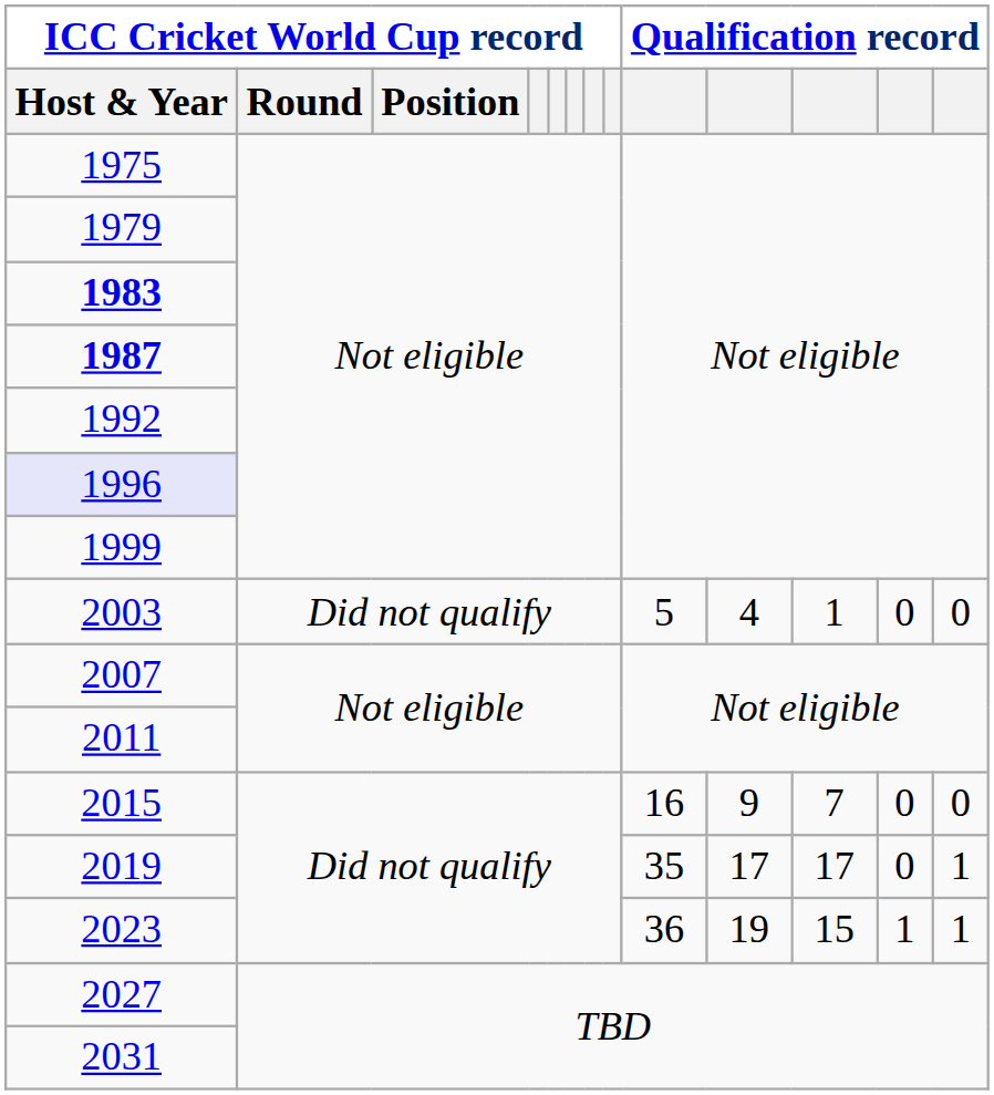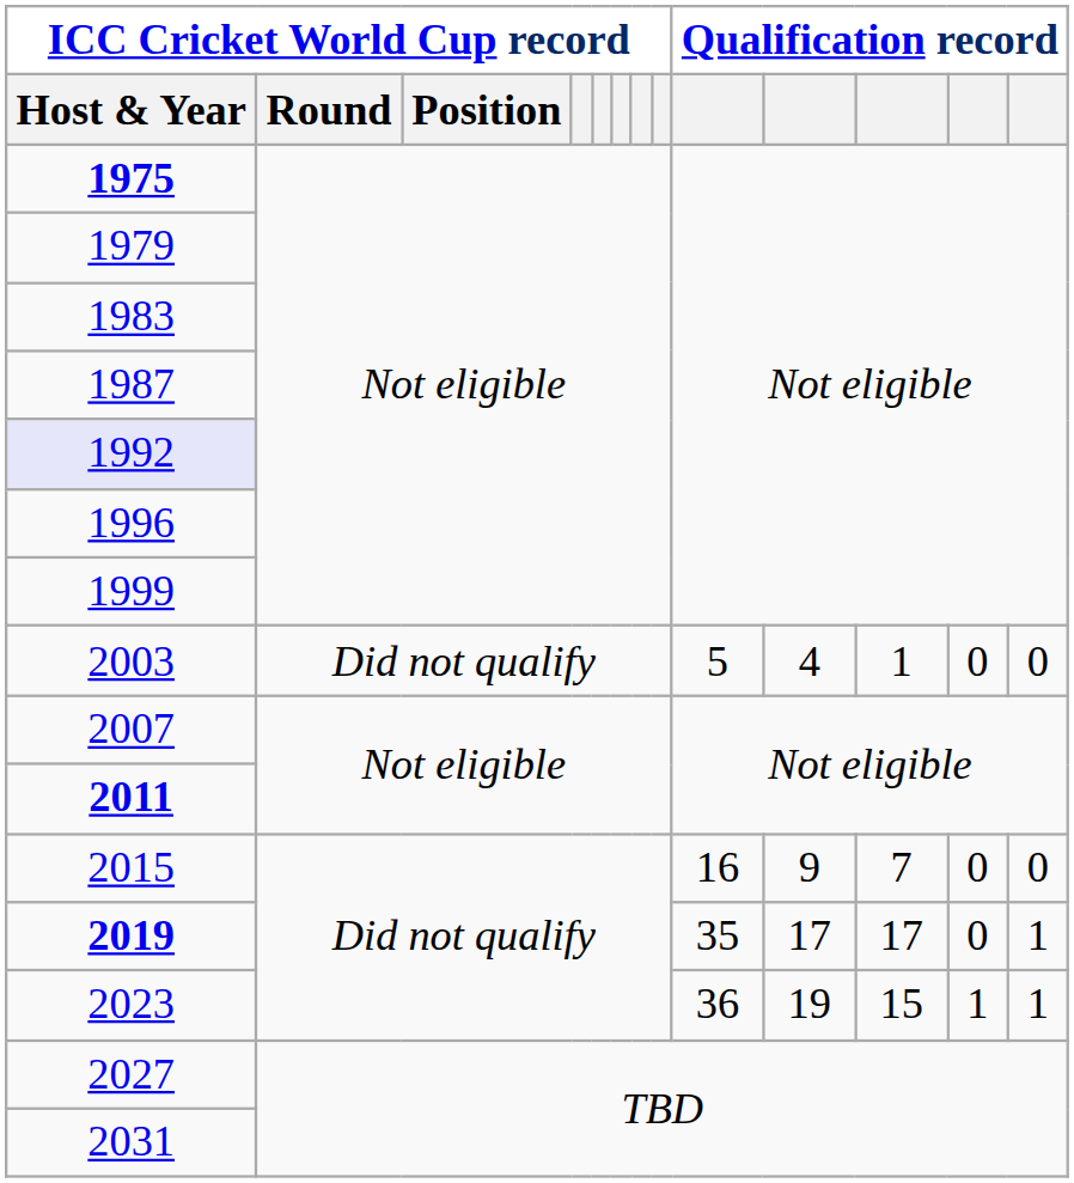 <table class="wikitable" style="text-align: center;">
 <tr>
 <th style="color:#002868; background:white;" colspan=8><a href='#'>ICC Cricket World Cup</a> record</th>
 <th style="color:#002868; background:white;" colspan=5><a href='#'>Qualification</a> record</th>
 </tr>
 <tr>
 <th scope="col">Host & Year</th>
 <th scope="col">Round</th>
 <th scope="col">Position</th>
 <th scope="col"></th>
 <th scope="col"></th>
 <th scope="col"></th>
 <th scope="col"></th>
 <th scope="col"></th>
 <th scope="col"></th>
 <th scope="col"></th>
 <th scope="col"></th>
 <th scope="col"></th>
 <th scope="col"></th>
 </tr>
 <tr>
-<td> <a href='#'>1975</a></td>
+<td><strong> <a href='#'>1975</a></strong></td>
 <td colspan="7" rowspan="7"><em>Not eligible</em></td>
 <td colspan="5" rowspan="7"><em>Not eligible</em></td>
 </tr>
 <tr>
 <td> <a href='#'>1979</a></td>
 </tr>
 <tr>
-<td><strong>  <a href='#'>1983</a></strong></td>
+<td>  <a href='#'>1983</a></td>
 </tr>
 <tr>
-<td><strong>  <a href='#'>1987</a></strong></td>
+<td>  <a href='#'>1987</a></td>
 </tr>
 <tr>
-<td>  <a href='#'>1992</a></td>
+<td style="background: lavender;">  <a href='#'>1992</a></td>
 </tr>
 <tr>
-<td style="background: lavender;">   <a href='#'>1996</a></td>
+<td>   <a href='#'>1996</a></td>
 </tr>
 <tr>
 <td>     <a href='#'>1999</a></td>
 </tr>
 <tr>
 <td>   <a href='#'>2003</a></td>
 <td colspan="7"><em>Did not qualify</em></td>
 <td>5</td>
 <td>4</td>
 <td>1</td>
 <td>0</td>
 <td>0</td>
 </tr>
 <tr>
 <td> <a href='#'>2007</a></td>
 <td colspan="7" rowspan="2"><em>Not eligible</em></td>
 <td colspan="5" rowspan="2"><em>Not eligible</em></td>
 </tr>
 <tr>
-<td>   <a href='#'>2011</a></td>
+<td><strong>   <a href='#'>2011</a></strong></td>
 </tr>
 <tr>
 <td>  <a href='#'>2015</a></td>
 <td colspan="7" rowspan="3"><em>Did not qualify</em></td>
 <td>16</td>
 <td>9</td>
 <td>7</td>
 <td>0</td>
 <td>0</td>
 </tr>
 <tr>
-<td>  <a href='#'>2019</a></td>
+<td><strong>  <a href='#'>2019</a></strong></td>
 <td>35</td>
 <td>17</td>
 <td>17</td>
 <td>0</td>
 <td>1</td>
 </tr>
 <tr>
 <td> <a href='#'>2023</a></td>
 <td>36</td>
 <td>19</td>
 <td>15</td>
 <td>1</td>
 <td>1</td>
 </tr>
 <tr>
 <td>   <a href='#'>2027</a></td>
 <td colspan="12" rowspan="2"><em>TBD</em></td>
 </tr>
 <tr>
 <td> <a href='#'>2031</a></td>
 </tr>
 </table>
